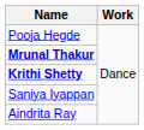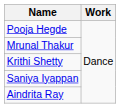 <table class="wikitable">
 <tr>
 <th>Name</th>
 <th>Work</th>
 </tr>
 <tr>
 <td><a href='#'>Pooja Hegde</a></td>
 <td rowspan="5">Dance</td>
 </tr>
 <tr>
-<td><strong><a href='#'>Mrunal Thakur</a></strong></td>
+<td><a href='#'>Mrunal Thakur</a></td>
 </tr>
 <tr>
-<td><strong><a href='#'>Krithi Shetty</a></strong></td>
+<td><a href='#'>Krithi Shetty</a></td>
 </tr>
 <tr>
 <td><a href='#'>Saniya Iyappan</a></td>
 </tr>
 <tr>
 <td><a href='#'>Aindrita Ray</a></td>
 </tr>
 </table>
